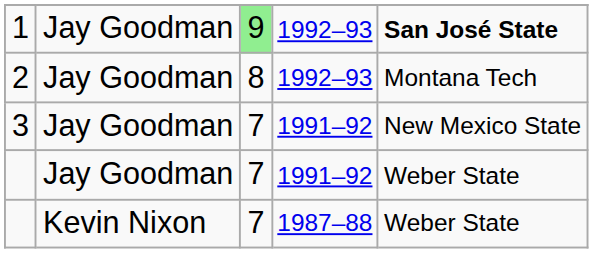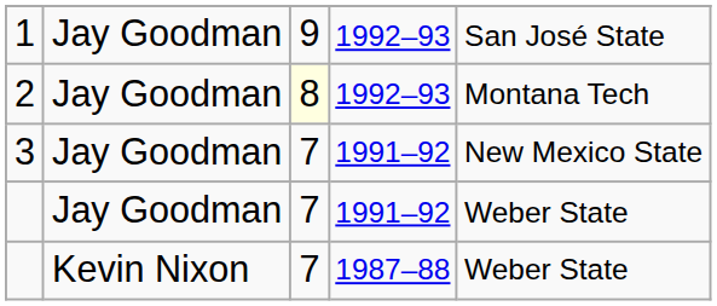 <table class="wikitable">
 <tr>
 </tr>
 <tr>
 <td>1</td>
 <td>Jay Goodman</td>
-<td style="background: lightgreen;">9</td>
+<td>9</td>
 <td style="font-size:80%;"><a href='#'>1992–93</a></td>
-<td style="font-size:80%;"><strong>San José State</strong></td>
+<td style="font-size:80%;">San José State</td>
 </tr>
 <tr>
 <td>2</td>
 <td>Jay Goodman</td>
-<td>8</td>
+<td style="background: lightyellow;">8</td>
 <td style="font-size:80%;"><a href='#'>1992–93</a></td>
 <td style="font-size:80%;">Montana Tech</td>
 </tr>
 <tr>
 <td>3</td>
 <td>Jay Goodman</td>
 <td>7</td>
 <td style="font-size:80%;"><a href='#'>1991–92</a></td>
 <td style="font-size:80%;">New Mexico State</td>
 </tr>
 <tr>
 <td></td>
 <td>Jay Goodman</td>
 <td>7</td>
 <td style="font-size:80%;"><a href='#'>1991–92</a></td>
 <td style="font-size:80%;">Weber State</td>
 </tr>
 <tr>
 <td></td>
 <td>Kevin Nixon</td>
 <td>7</td>
 <td style="font-size:80%;"><a href='#'>1987–88</a></td>
 <td style="font-size:80%;">Weber State</td>
 </tr>
 </table>
